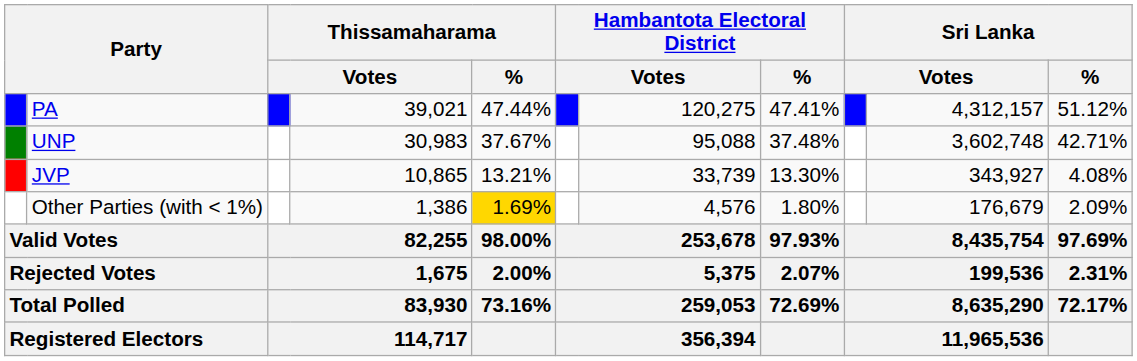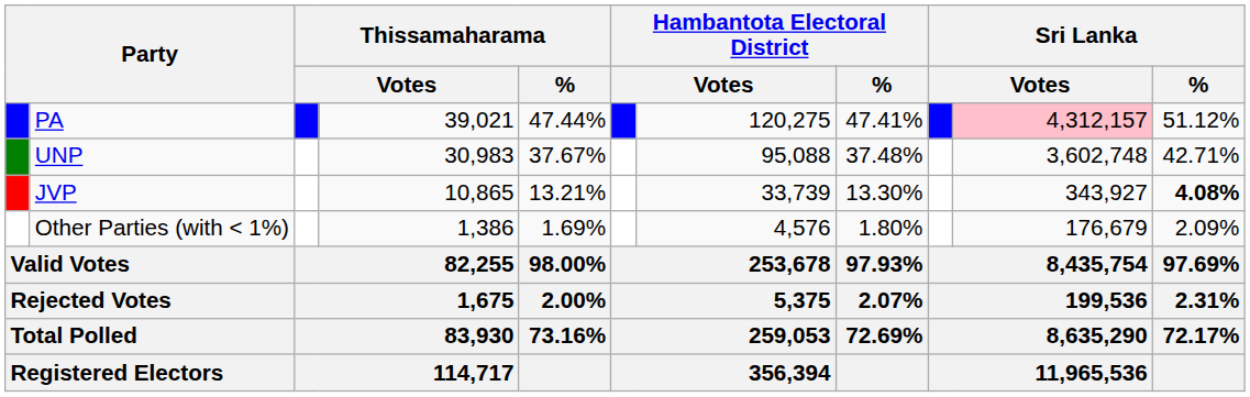 <table class="wikitable">
 <tr>
 <th colspan="2" width="144px"rowspan="2">Party</th>
 <th colspan="3" width="216px">Thissamaharama</th>
 <th colspan="3" width="216px"><a href='#'>Hambantota Electoral District</a></th>
 <th colspan="3" width="216px">Sri Lanka</th>
 </tr>
 <tr>
 <th colspan="2" width="144px">Votes</th>
 <th>%</th>
 <th colspan="2" width="144px">Votes</th>
 <th>%</th>
 <th colspan="2" width="144px">Votes</th>
 <th>%</th>
 </tr>
 <tr>
 <td style="background-color:blue;" width="10px"></td>
 <td style="text-align:left;"><a href='#'>PA</a></td>
 <td style="background-color:blue;" width="10px"></td>
 <td style="text-align:right;">39,021</td>
 <td style="text-align:right;">47.44%</td>
 <td style="background-color:blue;" width="10px"></td>
 <td style="text-align:right;">120,275</td>
 <td style="text-align:right;">47.41%</td>
 <td style="background-color:blue;" width="10px"></td>
-<td style="text-align:right;">4,312,157</td>
+<td style="background: pink; text-align:right;">4,312,157</td>
 <td style="text-align:right;">51.12%</td>
 </tr>
 <tr>
 <td style="background-color:green;" width="10px"></td>
 <td style="text-align:left;"><a href='#'>UNP</a></td>
 <td style="background-color:white;" width="10px"></td>
 <td style="text-align:right;">30,983</td>
 <td style="text-align:right;">37.67%</td>
 <td style="background-color:white;" width="10px"></td>
 <td style="text-align:right;">95,088</td>
 <td style="text-align:right;">37.48%</td>
 <td style="background-color:white;" width="10px"></td>
 <td style="text-align:right;">3,602,748</td>
 <td style="text-align:right;">42.71%</td>
 </tr>
 <tr>
 <td style="background-color:red;" width="10px"></td>
 <td style="text-align:left;"><a href='#'>JVP</a></td>
 <td style="background-color:white;" width="10px"></td>
 <td style="text-align:right;">10,865</td>
 <td style="text-align:right;">13.21%</td>
 <td style="background-color:white;" width="10px"></td>
 <td style="text-align:right;">33,739</td>
 <td style="text-align:right;">13.30%</td>
 <td style="background-color:white;" width="10px"></td>
 <td style="text-align:right;">343,927</td>
-<td style="text-align:right;">4.08%</td>
+<td style="text-align:right;"><strong>4.08%</strong></td>
 </tr>
 <tr>
 <td style="background-color:white;" width="10px"></td>
 <td style="text-align:left;">Other Parties (with < 1%)</td>
 <td style="background-color:white;" width="10px"></td>
 <td style="text-align:right;">1,386</td>
-<td style="background: gold; text-align:right;">1.69%</td>
+<td style="text-align:right;">1.69%</td>
 <td style="background-color:white;" width="10px"></td>
 <td style="text-align:right;">4,576</td>
 <td style="text-align:right;">1.80%</td>
 <td style="background-color:white;" width="10px"></td>
 <td style="text-align:right;">176,679</td>
 <td style="text-align:right;">2.09%</td>
 </tr>
 <tr>
 <th colspan="2" width="144px"style="text-align:left;">Valid Votes</th>
 <th style="text-align:right;"colspan="2" width="144px">82,255</th>
 <th style="text-align:right;">98.00%</th>
 <th style="text-align:right;"colspan="2" width="144px">253,678</th>
 <th style="text-align:right;">97.93%</th>
 <th style="text-align:right;"colspan="2" width="144px">8,435,754</th>
 <th style="text-align:right;">97.69%</th>
 </tr>
 <tr>
 <th colspan="2" width="144px"style="text-align:left;">Rejected Votes</th>
 <th style="text-align:right;"colspan="2" width="144px">1,675</th>
 <th style="text-align:right;">2.00%</th>
 <th style="text-align:right;"colspan="2" width="144px">5,375</th>
 <th style="text-align:right;">2.07%</th>
 <th style="text-align:right;"colspan="2" width="144px">199,536</th>
 <th style="text-align:right;">2.31%</th>
 </tr>
 <tr>
 <th colspan="2" width="144px"style="text-align:left;">Total Polled</th>
 <th style="text-align:right;"colspan="2" width="144px">83,930</th>
 <th style="text-align:right;">73.16%</th>
 <th style="text-align:right;"colspan="2" width="144px">259,053</th>
 <th style="text-align:right;">72.69%</th>
 <th style="text-align:right;"colspan="2" width="144px">8,635,290</th>
 <th style="text-align:right;">72.17%</th>
 </tr>
 <tr>
 <th colspan="2" width="144px"style="text-align:left;">Registered Electors</th>
 <th style="text-align:right;"colspan="2" width="144px">114,717</th>
 <th></th>
 <th style="text-align:right;"colspan="2" width="144px">356,394</th>
 <th></th>
 <th style="text-align:right;"colspan="2" width="144px">11,965,536</th>
 <th></th>
 </tr>
 </table>
